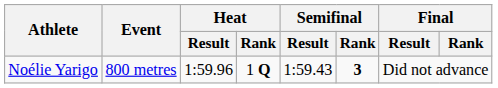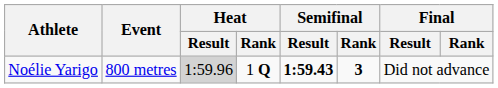 <table class="wikitable" style="font-size:90%">
 <tr>
 <th rowspan="2">Athlete</th>
 <th rowspan="2">Event</th>
 <th colspan="2">Heat</th>
 <th colspan="2">Semifinal</th>
 <th colspan="2">Final</th>
 </tr>
 <tr style="font-size:95%">
 <th>Result</th>
 <th>Rank</th>
 <th>Result</th>
 <th>Rank</th>
 <th>Result</th>
 <th>Rank</th>
 </tr>
 <tr align=center>
 <td align=left><a href='#'>Noélie Yarigo</a></td>
 <td align=left><a href='#'>800 metres</a></td>
-<td>1:59.96</td>
+<td style="background: lightgrey;">1:59.96</td>
 <td>1 <strong>Q</strong></td>
-<td>1:59.43</td>
+<td><strong>1:59.43</strong></td>
 <td><strong>3</strong></td>
 <td colspan=2>Did not advance</td>
 </tr>
 </table>
